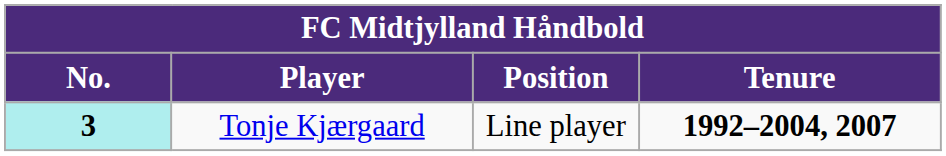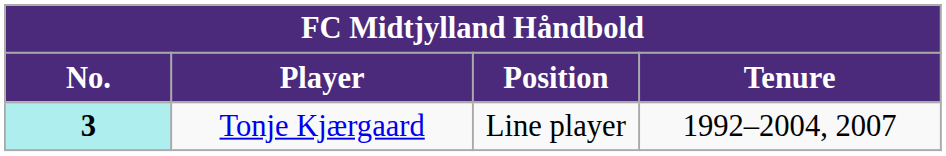 <table class="wikitable sortable" style="text-align:center">
 <tr>
 <td colspan="5" style= "background: #4B2A7B; color: #FFFFFF"><strong>FC Midtjylland Håndbold</strong></td>
 </tr>
 <tr>
 <th style="width:80px; background:#4B2A7B; color:#FFFFFF;">No.</th>
 <th style="width:150px; background:#4B2A7B; color:#FFFFFF;">Player</th>
 <th style="width:80px; background:#4B2A7B; color:#FFFFFF;">Position</th>
 <th style="width:150px; background:#4B2A7B; color:#FFFFFF;">Tenure</th>
 </tr>
 <tr>
 <td style="background: paleturquoise;"><strong>3</strong></td>
 <td> <a href='#'>Tonje Kjærgaard</a></td>
 <td>Line player</td>
-<td><strong>1992–2004, 2007</strong></td>
+<td>1992–2004, 2007</td>
 </tr>
 </table>
